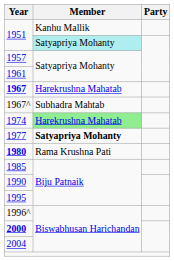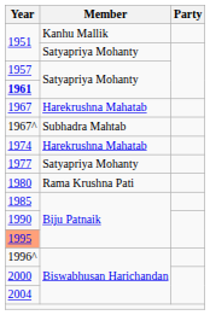 <table class="wikitable">
 <tr>
 <th>Year</th>
 <th>Member</th>
 <th colspan="2">Party</th>
 </tr>
 <tr>
 <td rowspan="2"><a href='#'>1951</a></td>
 <td>Kanhu Mallik</td>
 <td></td>
 </tr>
 <tr>
-<td style="background: paleturquoise;">Satyapriya Mohanty</td>
+<td>Satyapriya Mohanty</td>
 </tr>
 <tr>
 <td><a href='#'>1957</a></td>
 <td rowspan="2">Satyapriya Mohanty</td>
 </tr>
 <tr>
-<td><a href='#'>1961</a></td>
+<td><strong><a href='#'>1961</a></strong></td>
 </tr>
 <tr>
-<td><strong><a href='#'>1967</a></strong></td>
+<td><a href='#'>1967</a></td>
 <td><a href='#'>Harekrushna Mahatab</a></td>
 <td></td>
 </tr>
 <tr>
 <td>1967^</td>
 <td>Subhadra Mahtab</td>
 </tr>
 <tr>
 <td><a href='#'>1974</a></td>
-<td style="background: lightgreen;"><a href='#'>Harekrushna Mahatab</a></td>
+<td><a href='#'>Harekrushna Mahatab</a></td>
 <td></td>
 </tr>
 <tr>
 <td><a href='#'>1977</a></td>
-<td><strong>Satyapriya Mohanty</strong></td>
+<td>Satyapriya Mohanty</td>
 <td></td>
 </tr>
 <tr>
-<td><strong><a href='#'>1980</a></strong></td>
+<td><a href='#'>1980</a></td>
 <td>Rama Krushna Pati</td>
 <td></td>
 </tr>
 <tr>
 <td><a href='#'>1985</a></td>
 <td rowspan="3"><a href='#'>Biju Patnaik</a></td>
 <td></td>
 </tr>
 <tr>
 <td><a href='#'>1990</a></td>
 </tr>
 <tr>
-<td><a href='#'>1995</a></td>
+<td style="background: lightsalmon;"><a href='#'>1995</a></td>
 </tr>
 <tr>
 <td>1996^</td>
 <td rowspan="3"><a href='#'>Biswabhusan Harichandan</a></td>
 <td></td>
 </tr>
 <tr>
-<td><strong><a href='#'>2000</a></strong></td>
+<td><a href='#'>2000</a></td>
 </tr>
 <tr>
 <td><a href='#'>2004</a></td>
 </tr>
 <tr>
 <td colspan="4"></td>
 </tr>
 </table>
